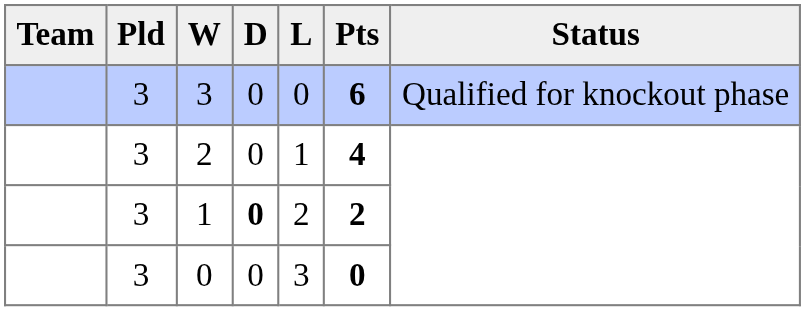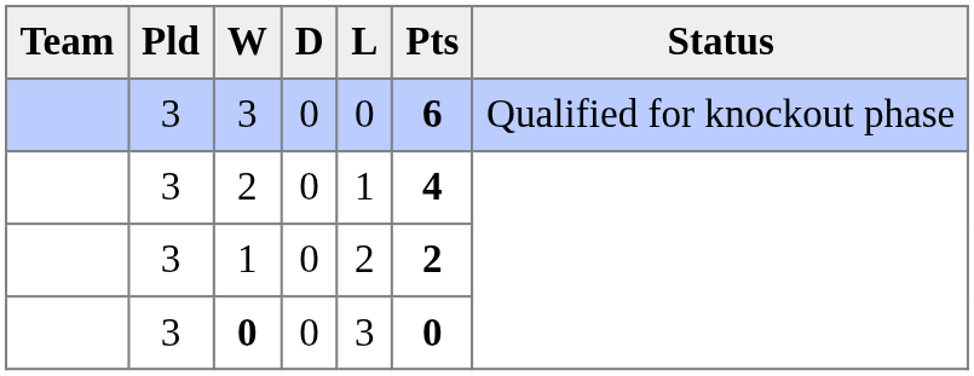 <table style=border-collapse:collapse border=1 cellspacing=0 cellpadding=5>
 <tr align=center bgcolor=#efefef>
 <th>Team</th>
 <th>Pld</th>
 <th>W</th>
 <th>D</th>
 <th>L</th>
 <th>Pts</th>
 <th>Status</th>
 </tr>
 <tr align=center style="background:#bbccff;">
 <td style="text-align:left;"> </td>
 <td>3</td>
 <td>3</td>
 <td>0</td>
 <td>0</td>
 <td><strong>6</strong></td>
 <td rowspan=1>Qualified for knockout phase</td>
 </tr>
 <tr align=center style="background:#FFFFFF;">
 <td style="text-align:left;"> </td>
 <td>3</td>
 <td>2</td>
 <td>0</td>
 <td>1</td>
 <td><strong>4</strong></td>
 <td rowspan=3></td>
 </tr>
 <tr align=center style="background:#FFFFFF;">
 <td style="text-align:left;"> </td>
 <td>3</td>
 <td>1</td>
-<td><strong>0</strong></td>
+<td>0</td>
 <td>2</td>
 <td><strong>2</strong></td>
 </tr>
 <tr align=center style="background:#FFFFFF;">
 <td style="text-align:left;"> </td>
 <td>3</td>
-<td>0</td>
+<td><strong>0</strong></td>
 <td>0</td>
 <td>3</td>
 <td><strong>0</strong></td>
 </tr>
 </table>
